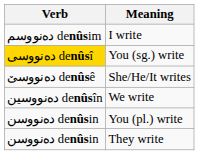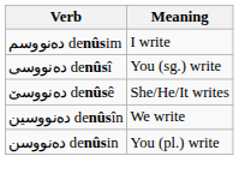 <table class="wikitable">
 <tr>
 <th>Verb</th>
 <th>Meaning</th>
 </tr>
 <tr>
 <td>ده‌نووسم de<strong>nûs</strong>im</td>
 <td>I write</td>
 </tr>
 <tr>
-<td style="background: gold;">ده‌نووسی de<strong>nûs</strong>î</td>
+<td>ده‌نووسی de<strong>nûs</strong>î</td>
 <td>You (sg.) write</td>
 </tr>
 <tr>
 <td>ده‌نووسێ de<strong>nûs</strong>ê</td>
 <td>She/He/It writes</td>
 </tr>
 <tr>
 <td>ده‌نووسین de<strong>nûs</strong>în</td>
 <td>We write</td>
 </tr>
 <tr>
 <td>ده‌نووسن de<strong>nûs</strong>in</td>
 <td>You (pl.) write</td>
 </tr>
-<tr>
-<td>ده‌نووسن de<strong>nûs</strong>in</td>
-<td>They write</td>
-</tr>
 </table>
